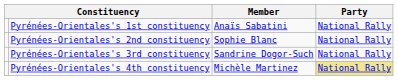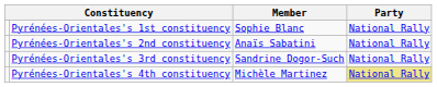 <table class="wikitable">
 <tr>
 <th colspan="2">Constituency</th>
 <th>Member</th>
 <th>Party</th>
 </tr>
 <tr>
 <td style="background-color: "></td>
 <td><a href='#'>Pyrénées-Orientales's 1st constituency</a></td>
-<td><a href='#'>Anaïs Sabatini</a></td>
+<td><a href='#'>Sophie Blanc</a></td>
 <td><a href='#'>National Rally</a></td>
 </tr>
 <tr>
 <td style="background-color: "></td>
 <td><a href='#'>Pyrénées-Orientales's 2nd constituency</a></td>
-<td><a href='#'>Sophie Blanc</a></td>
+<td><a href='#'>Anaïs Sabatini</a></td>
 <td><a href='#'>National Rally</a></td>
 </tr>
 <tr>
 <td style="background-color: "></td>
 <td><a href='#'>Pyrénées-Orientales's 3rd constituency</a></td>
 <td><a href='#'>Sandrine Dogor-Such</a></td>
 <td><a href='#'>National Rally</a></td>
 </tr>
 <tr>
 <td style="background-color: "></td>
 <td><a href='#'>Pyrénées-Orientales's 4th constituency</a></td>
 <td><a href='#'>Michèle Martinez</a></td>
 <td style="background: khaki;"><a href='#'>National Rally</a></td>
 </tr>
 </table>
